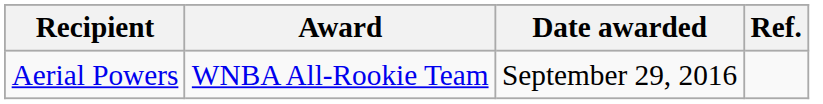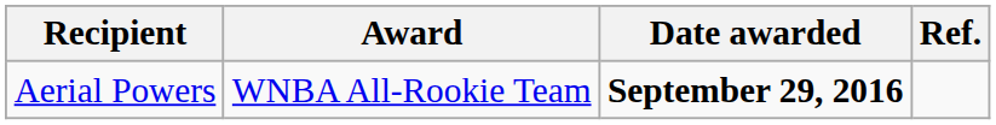 <table class="wikitable sortable" style="text-align: center">
 <tr>
 <th>Recipient</th>
 <th>Award</th>
 <th>Date awarded</th>
 <th>Ref.</th>
 </tr>
 <tr>
 <td><a href='#'>Aerial Powers</a></td>
 <td><a href='#'>WNBA All-Rookie Team</a></td>
-<td>September 29, 2016</td>
+<td><strong>September 29, 2016</strong></td>
 <td></td>
 </tr>
 </table>
